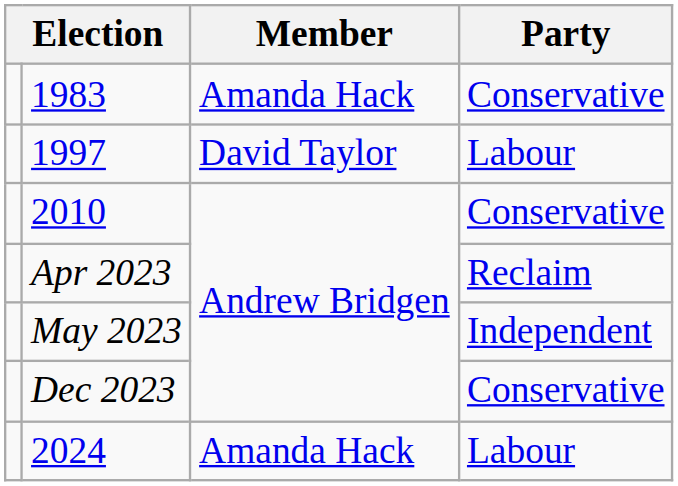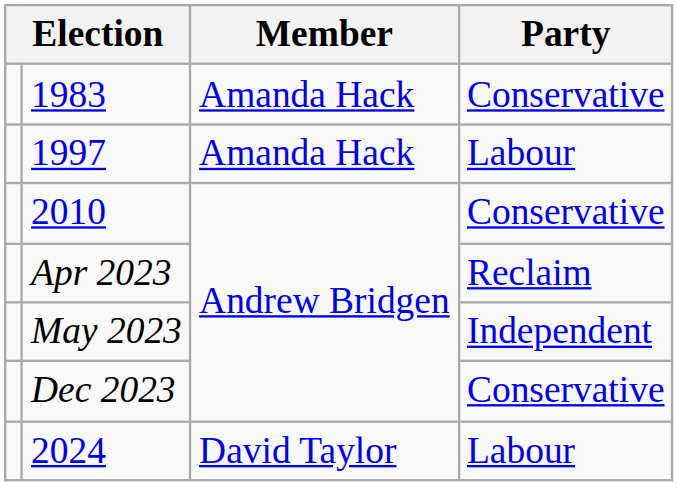 <table class="wikitable">
 <tr>
 <th colspan="2">Election</th>
 <th>Member</th>
 <th>Party</th>
 </tr>
 <tr>
 <td style="color:inherit;background-color: "></td>
 <td><a href='#'>1983</a></td>
 <td><a href='#'>Amanda Hack</a></td>
 <td><a href='#'>Conservative</a></td>
 </tr>
 <tr>
 <td style="color:inherit;background-color: "></td>
 <td><a href='#'>1997</a></td>
-<td><a href='#'>David Taylor</a></td>
+<td><a href='#'>Amanda Hack</a></td>
 <td><a href='#'>Labour</a></td>
 </tr>
 <tr>
 <td style="color:inherit;background-color: "></td>
 <td><a href='#'>2010</a></td>
 <td rowspan=4><a href='#'>Andrew Bridgen</a></td>
 <td><a href='#'>Conservative</a></td>
 </tr>
 <tr>
 <td style="color:inherit;background-color: "></td>
 <td><em>Apr 2023</em></td>
 <td><a href='#'>Reclaim</a></td>
 </tr>
 <tr>
 <td style="color:inherit;background-color: "></td>
 <td><em>May 2023</em></td>
 <td><a href='#'>Independent</a></td>
 </tr>
 <tr>
 <td style="color:inherit;background-color: "></td>
 <td><em>Dec 2023</em></td>
 <td><a href='#'>Conservative</a></td>
 </tr>
 <tr>
 <td style="color:inherit;background-color: "></td>
 <td><a href='#'>2024</a></td>
-<td><a href='#'>Amanda Hack</a></td>
+<td><a href='#'>David Taylor</a></td>
 <td><a href='#'>Labour</a></td>
 </tr>
 </table>
